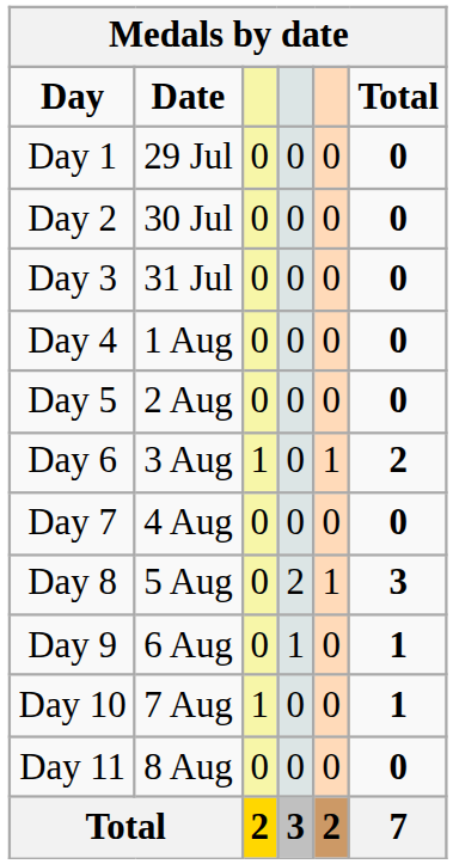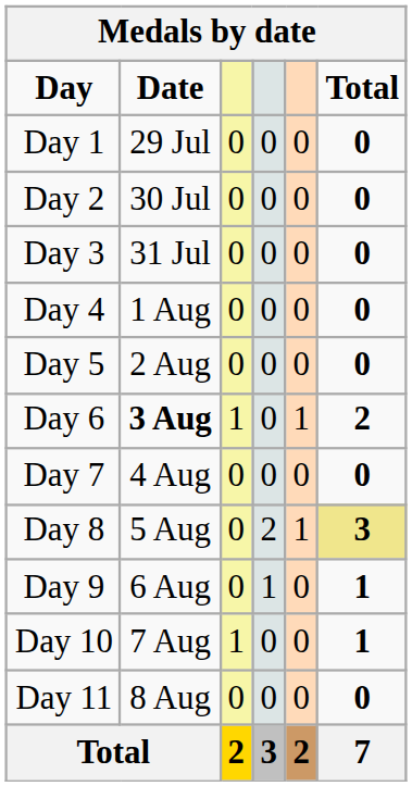 <table class="wikitable" style="font-size:85%;float:right;text-align:center">
 <tr style="background:#efefef;">
 <th colspan=7><strong>Medals by date</strong></th>
 </tr>
 <tr style="text-align:center;">
 <td><strong>Day</strong></td>
 <td><strong>Date</strong></td>
 <td style="background:#F7F6A8;"></td>
 <td style="background:#DCE5E5;"></td>
 <td style="background:#FFDAB9;"></td>
 <td><strong>Total</strong></td>
 </tr>
 <tr style="text-align:center;">
 <td>Day 1</td>
 <td>29 Jul</td>
 <td style="background:#F7F6A8;">0</td>
 <td style="background:#DCE5E5;">0</td>
 <td style="background:#FFDAB9;">0</td>
 <td><strong>0</strong></td>
 </tr>
 <tr style="text-align:center;">
 <td>Day 2</td>
 <td>30 Jul</td>
 <td style="background:#F7F6A8;">0</td>
 <td style="background:#DCE5E5;">0</td>
 <td style="background:#FFDAB9;">0</td>
 <td><strong>0</strong></td>
 </tr>
 <tr style="text-align:center;">
 <td>Day 3</td>
 <td>31 Jul</td>
 <td style="background:#F7F6A8;">0</td>
 <td style="background:#DCE5E5;">0</td>
 <td style="background:#FFDAB9;">0</td>
 <td><strong>0</strong></td>
 </tr>
 <tr style="text-align:center;">
 <td>Day 4</td>
 <td>1 Aug</td>
 <td style="background:#F7F6A8;">0</td>
 <td style="background:#DCE5E5;">0</td>
 <td style="background:#FFDAB9;">0</td>
 <td><strong>0</strong></td>
 </tr>
 <tr style="text-align:center;">
 <td>Day 5</td>
 <td>2 Aug</td>
 <td style="background:#F7F6A8;">0</td>
 <td style="background:#DCE5E5;">0</td>
 <td style="background:#FFDAB9;">0</td>
 <td><strong>0</strong></td>
 </tr>
 <tr style="text-align:center;">
 <td>Day 6</td>
-<td>3 Aug</td>
+<td><strong>3 Aug</strong></td>
 <td style="background:#F7F6A8;">1</td>
 <td style="background:#DCE5E5;">0</td>
 <td style="background:#FFDAB9;">1</td>
 <td><strong>2</strong></td>
 </tr>
 <tr style="text-align:center;">
 <td>Day 7</td>
 <td>4 Aug</td>
 <td style="background:#F7F6A8;">0</td>
 <td style="background:#DCE5E5;">0</td>
 <td style="background:#FFDAB9;">0</td>
 <td><strong>0</strong></td>
 </tr>
 <tr style="text-align:center;">
 <td>Day 8</td>
 <td>5 Aug</td>
 <td style="background:#F7F6A8;">0</td>
 <td style="background:#DCE5E5;">2</td>
 <td style="background:#FFDAB9;">1</td>
-<td><strong>3</strong></td>
+<td style="background: khaki;"><strong>3</strong></td>
 </tr>
 <tr style="text-align:center;">
 <td>Day 9</td>
 <td>6 Aug</td>
 <td style="background:#F7F6A8;">0</td>
 <td style="background:#DCE5E5;">1</td>
 <td style="background:#FFDAB9;">0</td>
 <td><strong>1</strong></td>
 </tr>
 <tr style="text-align:center;">
 <td>Day 10</td>
 <td>7 Aug</td>
 <td style="background:#F7F6A8;">1</td>
 <td style="background:#DCE5E5;">0</td>
 <td style="background:#FFDAB9;">0</td>
 <td><strong>1</strong></td>
 </tr>
 <tr style="text-align:center;">
 <td>Day 11</td>
 <td>8 Aug</td>
 <td style="background:#F7F6A8;">0</td>
 <td style="background:#DCE5E5;">0</td>
 <td style="background:#FFDAB9;">0</td>
 <td><strong>0</strong></td>
 </tr>
 <tr>
 <th colspan="2"><strong>Total</strong></th>
 <th style="background:gold;"><strong>2</strong></th>
 <th style="background:silver;"><strong>3</strong></th>
 <th style="background:#c96;"><strong>2</strong></th>
 <th><strong>7</strong></th>
 </tr>
 </table>
